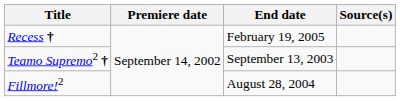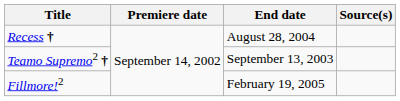 <table class="wikitable sortable">
 <tr>
 <th>Title</th>
 <th>Premiere date</th>
 <th>End date</th>
 <th>Source(s)</th>
 </tr>
 <tr>
 <td><em><a href='#'>Recess</a></em> <strong>†</strong></td>
 <td rowspan=3>September 14, 2002</td>
-<td>February 19, 2005</td>
+<td>August 28, 2004</td>
 <td></td>
 </tr>
 <tr>
 <td><em><a href='#'>Teamo Supremo</a></em><sup>2</sup> <strong>†</strong></td>
 <td>September 13, 2003</td>
 <td></td>
 </tr>
 <tr>
 <td><em><a href='#'>Fillmore!</a></em><sup>2</sup></td>
-<td>August 28, 2004</td>
+<td>February 19, 2005</td>
 <td></td>
 </tr>
 </table>
